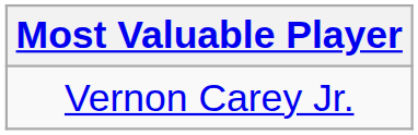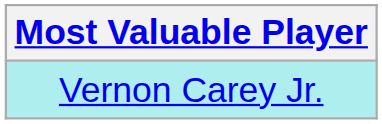 <table class=wikitable style="text-align:center; margin:auto">
 <tr>
 <th><a href='#'>Most Valuable Player</a></th>
 </tr>
 <tr>
-<td> <a href='#'>Vernon Carey Jr.</a></td>
+<td style="background: paleturquoise;"> <a href='#'>Vernon Carey Jr.</a></td>
 </tr>
 </table>
